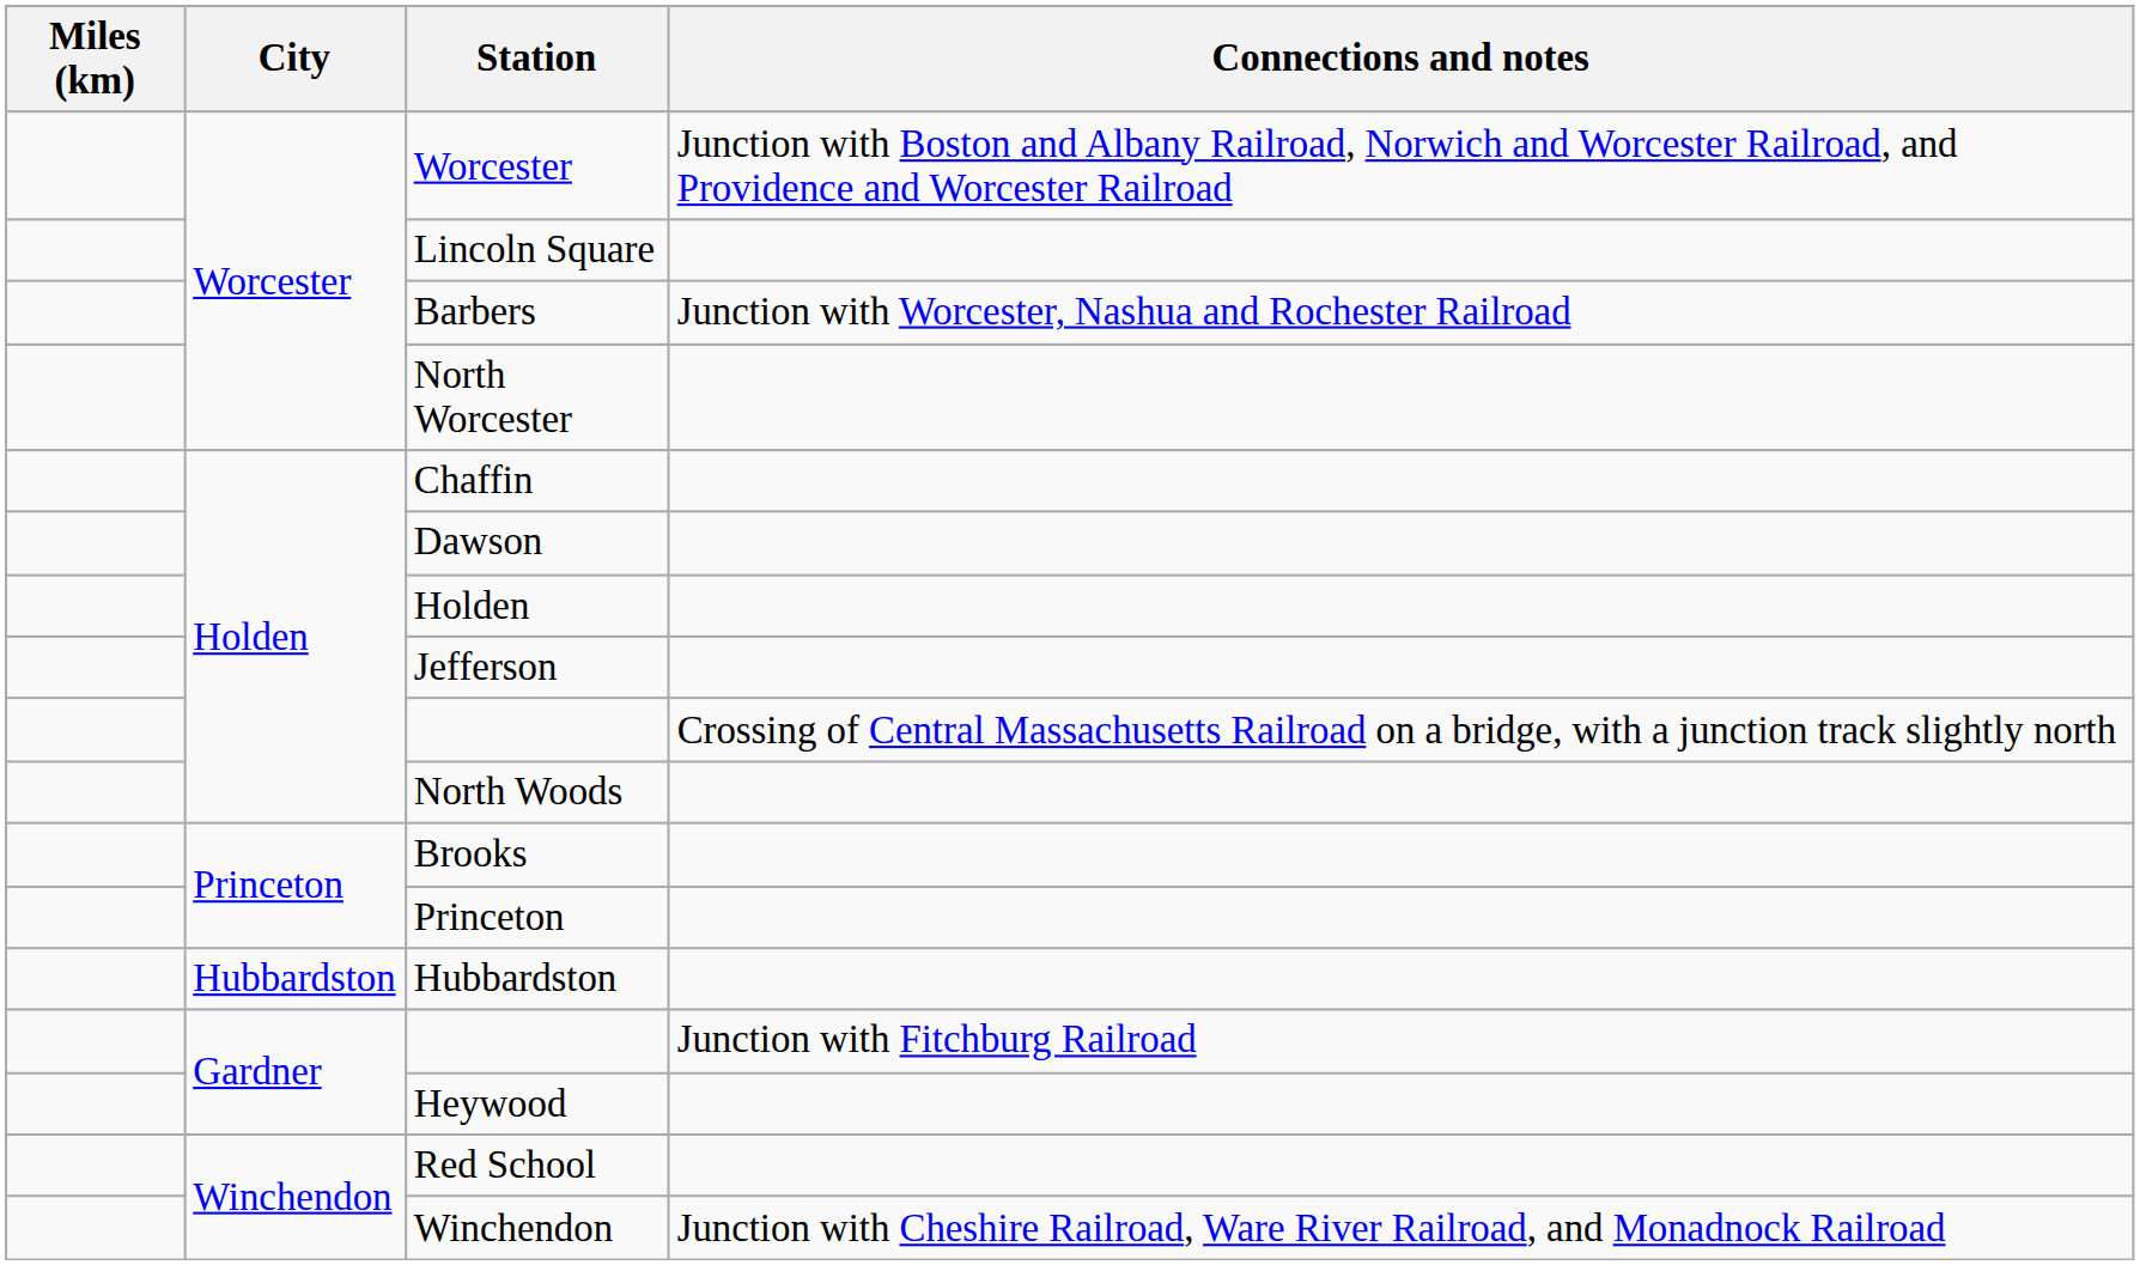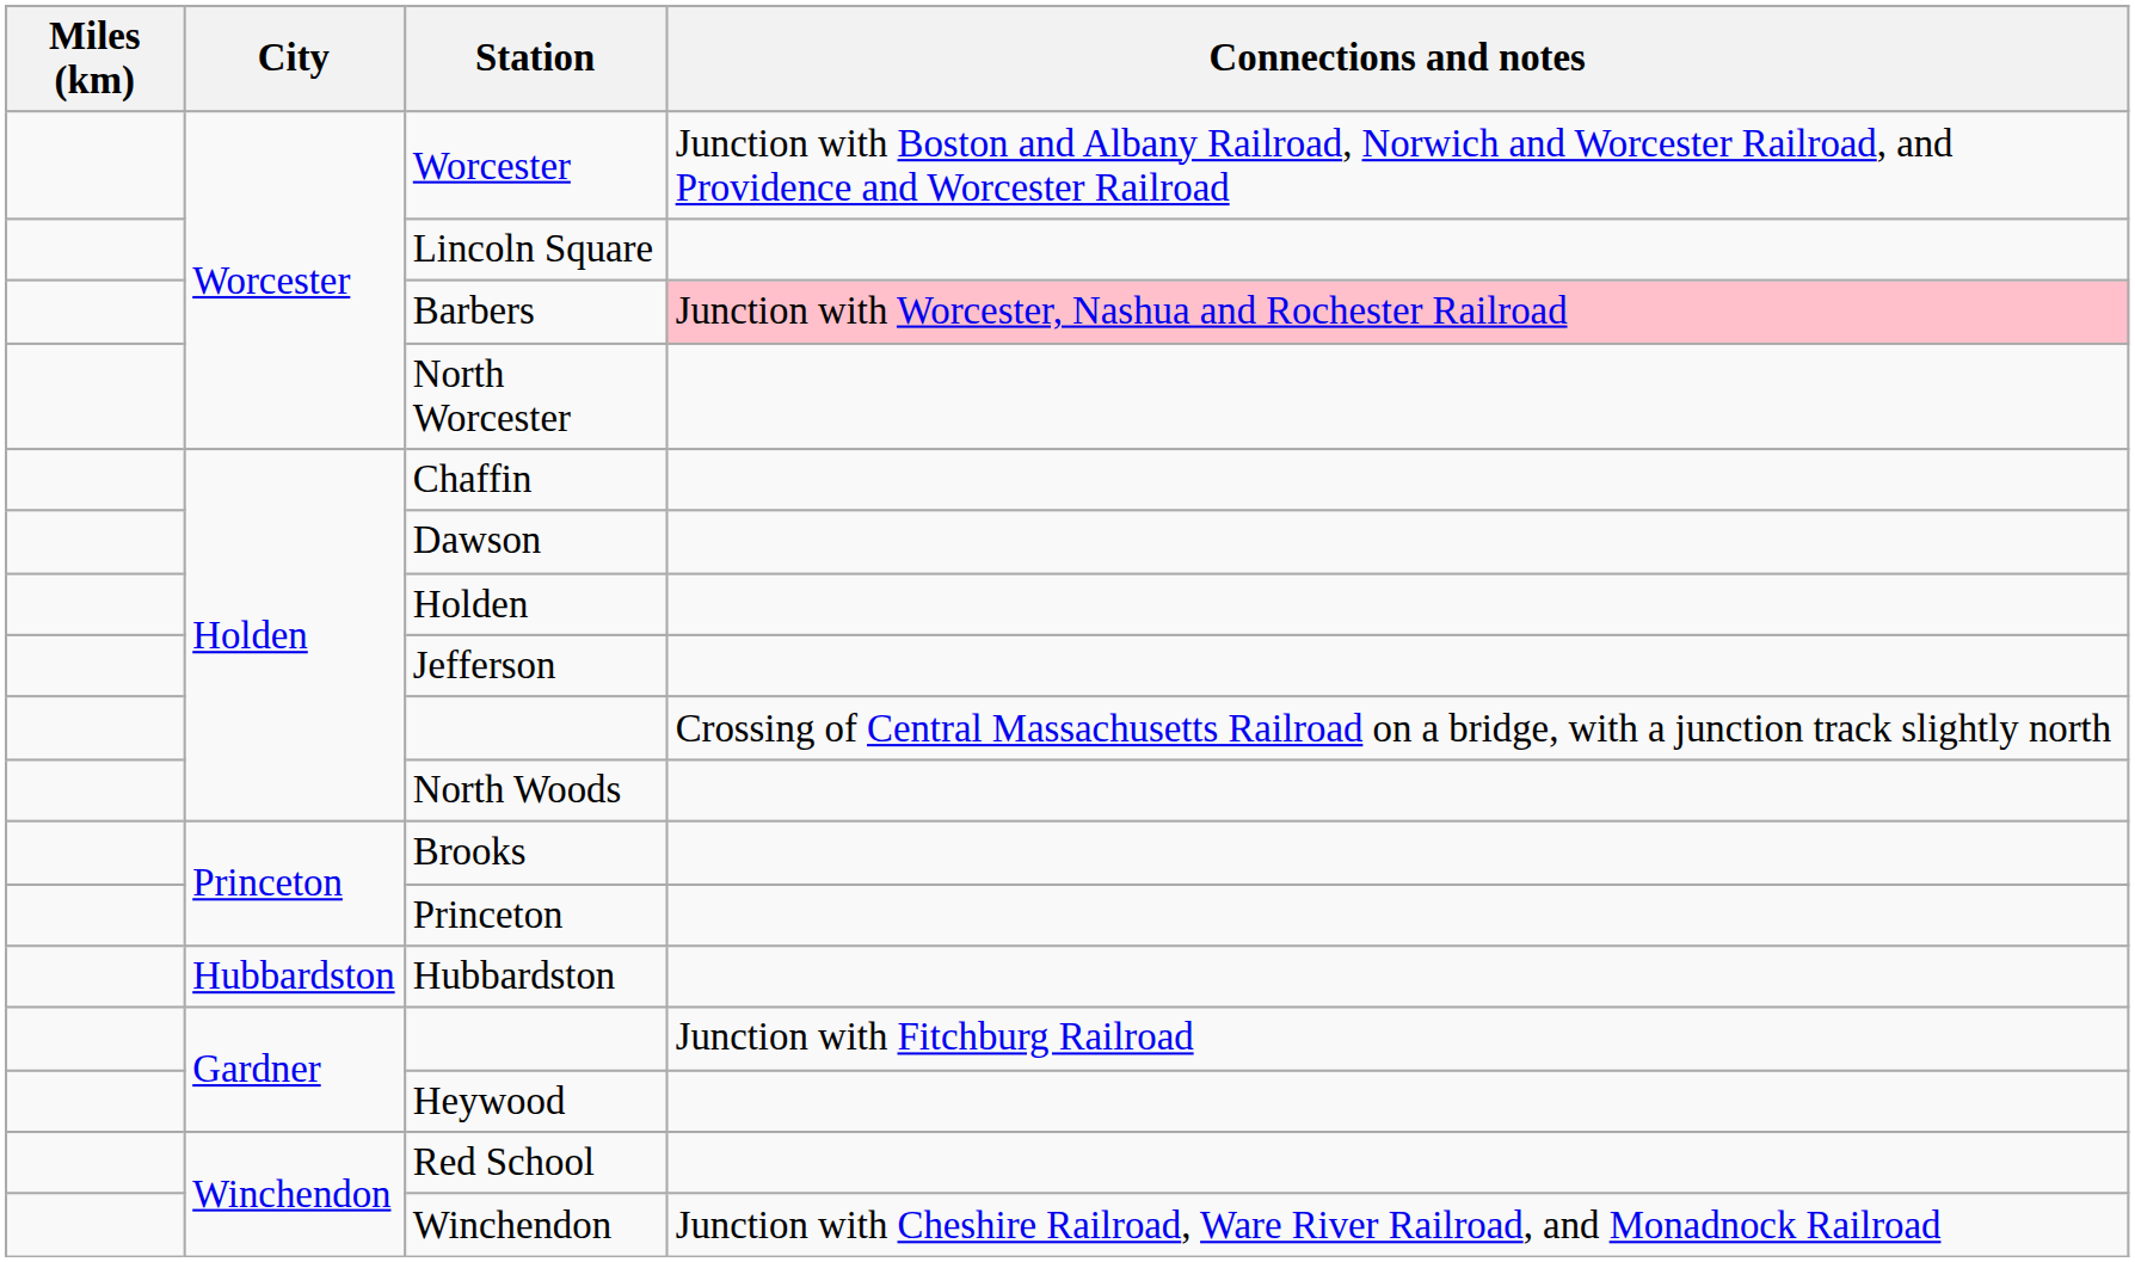 <table class="wikitable">
 <tr>
 <th>Miles (km)</th>
 <th>City</th>
 <th>Station</th>
 <th>Connections and notes</th>
 </tr>
 <tr>
 <td></td>
 <td rowspan=4><a href='#'>Worcester</a></td>
 <td><a href='#'>Worcester</a></td>
 <td>Junction with <a href='#'>Boston and Albany Railroad</a>, <a href='#'>Norwich and Worcester Railroad</a>, and <a href='#'>Providence and Worcester Railroad</a></td>
 </tr>
 <tr>
 <td></td>
 <td>Lincoln Square</td>
 <td></td>
 </tr>
 <tr>
 <td></td>
 <td>Barbers</td>
-<td>Junction with <a href='#'>Worcester, Nashua and Rochester Railroad</a></td>
+<td style="background: pink;">Junction with <a href='#'>Worcester, Nashua and Rochester Railroad</a></td>
 </tr>
 <tr>
 <td></td>
 <td>North Worcester</td>
 <td></td>
 </tr>
 <tr>
 <td></td>
 <td rowspan=6><a href='#'>Holden</a></td>
 <td>Chaffin</td>
 <td></td>
 </tr>
 <tr>
 <td></td>
 <td>Dawson</td>
 <td></td>
 </tr>
 <tr>
 <td></td>
 <td>Holden</td>
 <td></td>
 </tr>
 <tr>
 <td></td>
 <td>Jefferson</td>
 <td></td>
 </tr>
 <tr>
 <td></td>
 <td></td>
 <td>Crossing of <a href='#'>Central Massachusetts Railroad</a> on a bridge, with a junction track slightly north</td>
 </tr>
 <tr>
 <td></td>
 <td>North Woods</td>
 <td></td>
 </tr>
 <tr>
 <td></td>
 <td rowspan=2><a href='#'>Princeton</a></td>
 <td>Brooks</td>
 <td></td>
 </tr>
 <tr>
 <td></td>
 <td>Princeton</td>
 <td></td>
 </tr>
 <tr>
 <td></td>
 <td><a href='#'>Hubbardston</a></td>
 <td>Hubbardston</td>
 <td></td>
 </tr>
 <tr>
 <td></td>
 <td rowspan=2><a href='#'>Gardner</a></td>
 <td></td>
 <td>Junction with <a href='#'>Fitchburg Railroad</a></td>
 </tr>
 <tr>
 <td></td>
 <td>Heywood</td>
 <td></td>
 </tr>
 <tr>
 <td></td>
 <td rowspan=2><a href='#'>Winchendon</a></td>
 <td>Red School</td>
 <td></td>
 </tr>
 <tr>
 <td></td>
 <td>Winchendon</td>
 <td>Junction with <a href='#'>Cheshire Railroad</a>, <a href='#'>Ware River Railroad</a>, and <a href='#'>Monadnock Railroad</a></td>
 </tr>
 </table>
